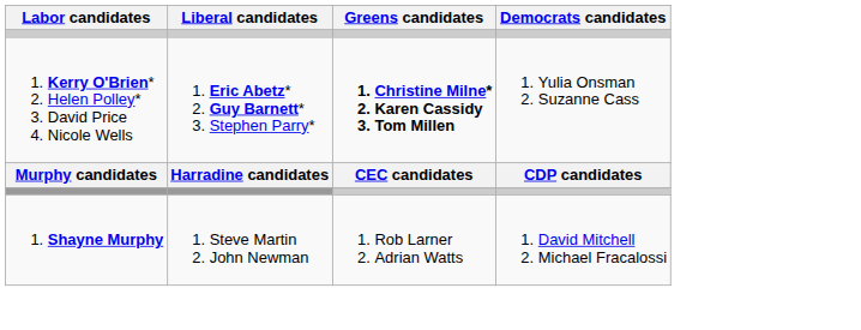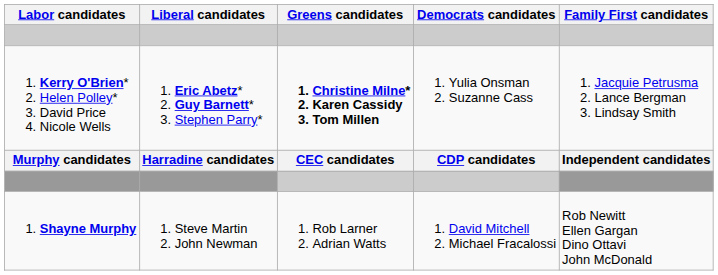 <table class="wikitable">
 <tr>
 <th><a href='#'>Labor</a> candidates</th>
 <th><a href='#'>Liberal</a> candidates</th>
 <th><a href='#'>Greens</a> candidates</th>
 <th><a href='#'>Democrats</a> candidates</th>
+<th><a href='#'>Family First</a> candidates</th>
 </tr>
 <tr style="background:#ccc;">
 <td></td>
 <td></td>
 <td></td>
 <td></td>
+<td> </td>
 </tr>
 <tr>
 <td><br><ol><li><strong><a href='#'>Kerry O'Brien</a></strong>*</li><li><a href='#'>Helen Polley</a>*</li><li>David Price</li><li>Nicole Wells</li></ol></td>
 <td><br><ol><li><strong><a href='#'>Eric Abetz</a></strong>*</li><li><strong><a href='#'>Guy Barnett</a></strong>*</li><li><a href='#'>Stephen Parry</a>*</li></ol></td>
 <td><strong><br><ol><li><a href='#'>Christine Milne</a>*</li><li>Karen Cassidy</li><li>Tom Millen</li></ol></strong></td>
 <td valign=top><br><ol><li>Yulia Onsman</li><li>Suzanne Cass</li></ol></td>
+<td valign=top><br><ol><li><a href='#'>Jacquie Petrusma</a></li><li>Lance Bergman</li><li>Lindsay Smith</li></ol></td>
 </tr>
 <tr style="background:#ccc;">
 <th><a href='#'>Murphy</a> candidates</th>
 <th><a href='#'>Harradine</a> candidates</th>
 <th><a href='#'>CEC</a> candidates</th>
 <th><a href='#'>CDP</a> candidates</th>
+<th>Independent candidates</th>
 </tr>
 <tr style="background:#ccc;">
 <td style="background:#999;"></td>
 <td style="background:#999;"></td>
 <td></td>
 <td></td>
+<td style="background:#999;"> </td>
 </tr>
 <tr>
 <td valign=top><br><ol><li><strong><a href='#'>Shayne Murphy</a></strong></li></ol></td>
 <td valign=top><br><ol><li>Steve Martin</li><li>John Newman</li></ol></td>
 <td valign=top><br><ol><li>Rob Larner</li><li>Adrian Watts</li></ol></td>
 <td valign=top><br><ol><li><a href='#'>David Mitchell</a></li><li>Michael Fracalossi</li></ol></td>
+<td valign=top><br>Rob Newitt<br> Ellen Gargan<br> Dino Ottavi<br> John McDonald<br></td>
 </tr>
 </table>
